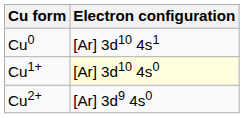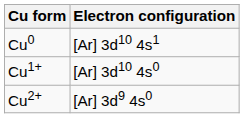 <table class="wikitable">
 <tr>
 <th>Cu form</th>
 <th>Electron configuration</th>
 </tr>
 <tr>
 <td>Cu<sup>0</sup></td>
 <td>[Ar] 3d<sup>10</sup> 4s<sup>1</sup></td>
 </tr>
 <tr>
 <td>Cu<sup>1+</sup></td>
-<td style="background: lightyellow;">[Ar] 3d<sup>10</sup> 4s<sup>0</sup></td>
+<td>[Ar] 3d<sup>10</sup> 4s<sup>0</sup></td>
 </tr>
 <tr>
 <td>Cu<sup>2+</sup></td>
 <td>[Ar] 3d<sup>9</sup> 4s<sup>0</sup></td>
 </tr>
 </table>
